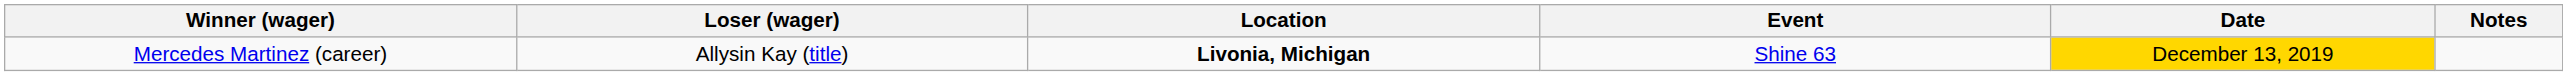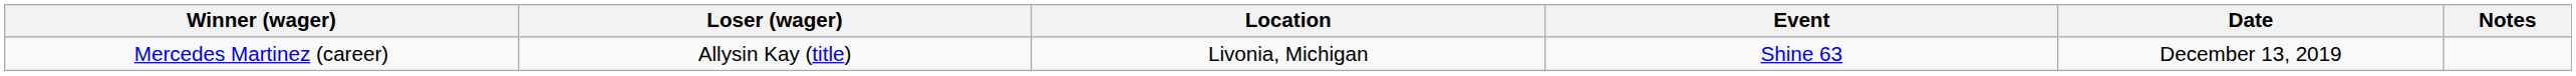 <table class="wikitable sortable" width=100%  style="text-align: center">
 <tr>
 <th width=20% scope="col">Winner (wager)</th>
 <th width=20% scope="col">Loser (wager)</th>
 <th width=20% scope="col">Location</th>
 <th width=20% scope="col">Event</th>
 <th width=15% scope="col">Date</th>
 <th class="unsortable" width=5% scope="col">Notes</th>
 </tr>
 <tr>
 <td><a href='#'>Mercedes Martinez</a> (career)</td>
 <td>Allysin Kay (<a href='#'>title</a>)</td>
-<td><strong>Livonia, Michigan</strong></td>
+<td>Livonia, Michigan</td>
 <td><a href='#'>Shine 63</a></td>
-<td style="background: gold;">December 13, 2019</td>
+<td>December 13, 2019</td>
 <td></td>
 </tr>
 </table>
